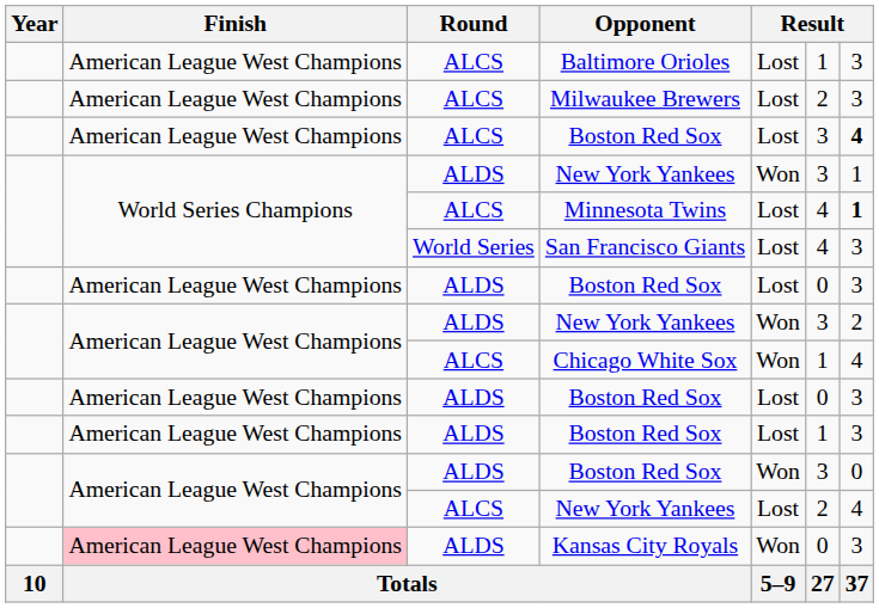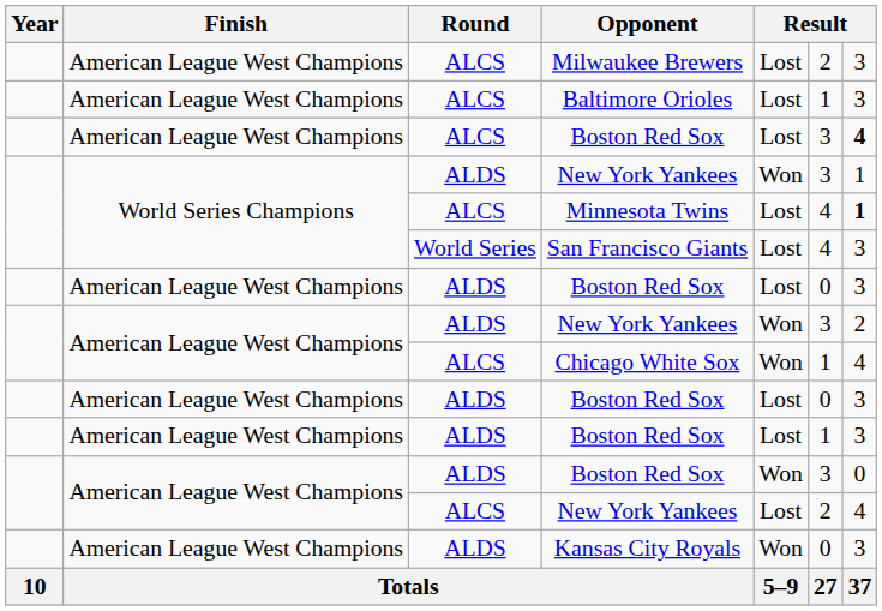 <table class="wikitable">
 <tr>
 <th colspan=1>Year</th>
 <th colspan=1>Finish</th>
 <th colspan=1>Round</th>
 <th colspan=1>Opponent</th>
 <th colspan=3>Result</th>
 </tr>
 <tr>
 <td align="center"></td>
 <td align="center">American League West Champions</td>
 <td align="center"><a href='#'>ALCS</a></td>
-<td align="center"><a href='#'>Baltimore Orioles</a></td>
+<td align="center"><a href='#'>Milwaukee Brewers</a></td>
 <td align="center">Lost</td>
-<td align="center">1</td>
+<td align="center">2</td>
 <td align="center">3</td>
 </tr>
 <tr>
 <td align="center"></td>
 <td align="center">American League West Champions</td>
 <td align="center"><a href='#'>ALCS</a></td>
-<td align="center"><a href='#'>Milwaukee Brewers</a></td>
+<td align="center"><a href='#'>Baltimore Orioles</a></td>
 <td align="center">Lost</td>
-<td align="center">2</td>
+<td align="center">1</td>
 <td align="center">3</td>
 </tr>
 <tr>
 <td align="center"></td>
 <td align="center">American League West Champions</td>
 <td align="center"><a href='#'>ALCS</a></td>
 <td align="center"><a href='#'>Boston Red Sox</a></td>
 <td align="center">Lost</td>
 <td align="center">3</td>
 <td align="center"><strong>4</strong></td>
 </tr>
 <tr>
 <td align="center" rowspan="3"></td>
 <td align="center" rowspan="3">World Series Champions</td>
 <td align="center"><a href='#'>ALDS</a></td>
 <td align="center"><a href='#'>New York Yankees</a></td>
 <td align="center">Won</td>
 <td align="center">3</td>
 <td align="center">1</td>
 </tr>
 <tr>
 <td align="center"><a href='#'>ALCS</a></td>
 <td align="center"><a href='#'>Minnesota Twins</a></td>
 <td align="center">Lost</td>
 <td align="center">4</td>
 <td align="center"><strong>1</strong></td>
 </tr>
 <tr>
 <td align="center"><a href='#'>World Series</a></td>
 <td align="center"><a href='#'>San Francisco Giants</a></td>
 <td align="center">Lost</td>
 <td align="center">4</td>
 <td align="center">3</td>
 </tr>
 <tr>
 <td align="center"></td>
 <td align="center">American League West Champions</td>
 <td align="center"><a href='#'>ALDS</a></td>
 <td align="center"><a href='#'>Boston Red Sox</a></td>
 <td align="center">Lost</td>
 <td align="center">0</td>
 <td align="center">3</td>
 </tr>
 <tr>
 <td align="center" rowspan="2"></td>
 <td align="center" rowspan="2">American League West Champions</td>
 <td align="center"><a href='#'>ALDS</a></td>
 <td align="center"><a href='#'>New York Yankees</a></td>
 <td align="center">Won</td>
 <td align="center">3</td>
 <td align="center">2</td>
 </tr>
 <tr>
 <td align="center"><a href='#'>ALCS</a></td>
 <td align="center"><a href='#'>Chicago White Sox</a></td>
 <td align="center">Won</td>
 <td align="center">1</td>
 <td align="center">4</td>
 </tr>
 <tr>
 <td align="center"></td>
 <td align="center">American League West Champions</td>
 <td align="center"><a href='#'>ALDS</a></td>
 <td align="center"><a href='#'>Boston Red Sox</a></td>
 <td align="center">Lost</td>
 <td align="center">0</td>
 <td align="center">3</td>
 </tr>
 <tr>
 <td align="center"></td>
 <td align="center">American League West Champions</td>
 <td align="center"><a href='#'>ALDS</a></td>
 <td align="center"><a href='#'>Boston Red Sox</a></td>
 <td align="center">Lost</td>
 <td align="center">1</td>
 <td align="center">3</td>
 </tr>
 <tr>
 <td align="center" rowspan="2"></td>
 <td align="center" rowspan="2">American League West Champions</td>
 <td align="center"><a href='#'>ALDS</a></td>
 <td align="center"><a href='#'>Boston Red Sox</a></td>
 <td align="center">Won</td>
 <td align="center">3</td>
 <td align="center">0</td>
 </tr>
 <tr>
 <td align="center"><a href='#'>ALCS</a></td>
 <td align="center"><a href='#'>New York Yankees</a></td>
 <td align="center">Lost</td>
 <td align="center">2</td>
 <td align="center">4</td>
 </tr>
 <tr>
 <td align="center"></td>
-<td align="center" style="background: pink;">American League West Champions</td>
+<td align="center">American League West Champions</td>
 <td align="center"><a href='#'>ALDS</a></td>
 <td align="center"><a href='#'>Kansas City Royals</a></td>
 <td align="center">Won</td>
 <td align="center">0</td>
 <td align="center">3</td>
 </tr>
 <tr>
 <th align="center">10</th>
 <th colspan="3">Totals</th>
 <th>5–9</th>
 <th>27</th>
 <th>37</th>
 </tr>
 </table>
